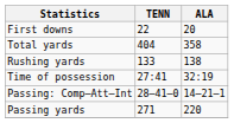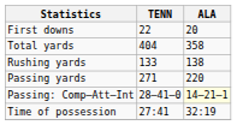 <table class="wikitable" style="float: left;">
 <tr>
 <th>Statistics</th>
 <th>TENN</th>
 <th>ALA</th>
 </tr>
 <tr>
 <td>First downs</td>
 <td>22</td>
 <td>20</td>
 </tr>
 <tr>
 <td>Total yards</td>
 <td>404</td>
 <td>358</td>
 </tr>
 <tr>
 <td>Rushing yards</td>
 <td>133</td>
 <td>138</td>
 </tr>
 <tr>
+<td>Passing yards</td>
+<td>271</td>
+<td>220</td>
+</tr>
+<tr>
+<td>Passing: Comp–Att–Int</td>
+<td>28–41–0</td>
+<td style="background: lightyellow;">14–21–1</td>
+</tr>
+<tr>
 <td>Time of possession</td>
 <td>27:41</td>
 <td>32:19</td>
 </tr>
 <tr>
-<td>Passing: Comp–Att–Int</td>
-<td>28–41–0</td>
-<td>14–21–1</td>
-</tr>
-<tr>
-<td>Passing yards</td>
-<td>271</td>
-<td>220</td>
-</tr>
-<tr>
 </tr>
 </table>
